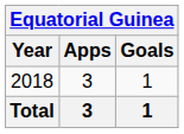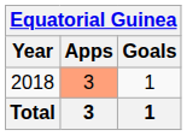 <table class="wikitable" style="text-align:center">
 <tr>
 <th colspan=3><a href='#'>Equatorial Guinea</a></th>
 </tr>
 <tr>
 <th>Year</th>
 <th>Apps</th>
 <th>Goals</th>
 </tr>
 <tr>
 <td>2018</td>
-<td>3</td>
+<td style="background: lightsalmon;">3</td>
 <td>1</td>
 </tr>
 <tr>
 <th>Total</th>
 <th>3</th>
 <th>1</th>
 </tr>
 </table>
